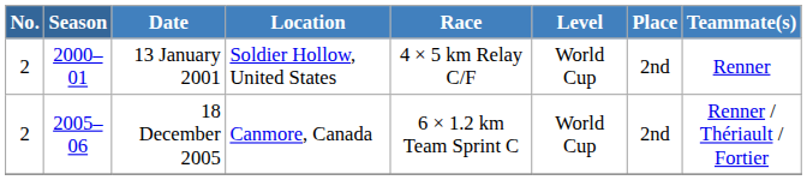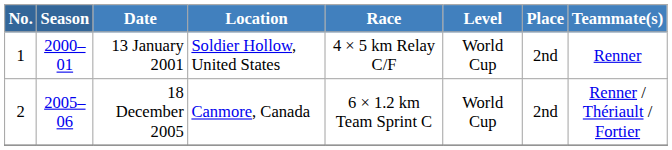 <table class="wikitable sortable" style="font-size:95%; text-align:center; border:grey solid 1px; border-collapse:collapse; background:#ffffff;">
 <tr style="background:#efefef;">
 <th style="background-color:#369; color:white;">No.</th>
 <th style="background-color:#369; color:white;">Season</th>
 <th style="background-color:#4180be; color:white; width:100px;">Date</th>
 <th style="background-color:#4180be; color:white; width:190px;">Location</th>
 <th style="background-color:#4180be; color:white; width:170px;">Race</th>
 <th style="background-color:#4180be; color:white; width:100px;">Level</th>
 <th style="background-color:#4180be; color:white;">Place</th>
 <th style="background-color:#4180be; color:white;">Teammate(s)</th>
 </tr>
 <tr>
-<td align=center>2</td>
+<td align=center>1</td>
 <td rowspan=1 align=center><a href='#'>2000–01</a></td>
 <td align=right>13 January 2001</td>
 <td align=left> <a href='#'>Soldier Hollow</a>, United States</td>
 <td>4 × 5 km Relay C/F</td>
 <td>World Cup</td>
 <td>2nd</td>
 <td><a href='#'>Renner</a></td>
 </tr>
 <tr>
 <td align=center>2</td>
 <td rowspan=1 align=center><a href='#'>2005–06</a></td>
 <td align=right>18 December 2005</td>
 <td align=left> <a href='#'>Canmore</a>, Canada</td>
 <td>6 × 1.2 km Team Sprint C</td>
 <td>World Cup</td>
 <td>2nd</td>
 <td><a href='#'>Renner</a> / <a href='#'>Thériault</a> / <a href='#'>Fortier</a></td>
 </tr>
 <tr>
 </tr>
 </table>
